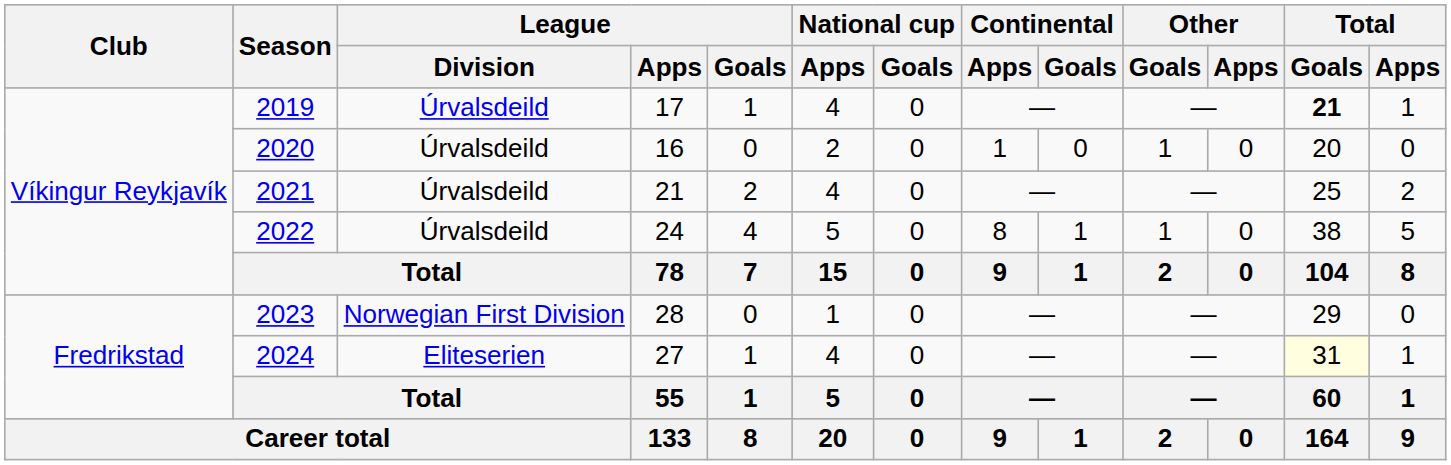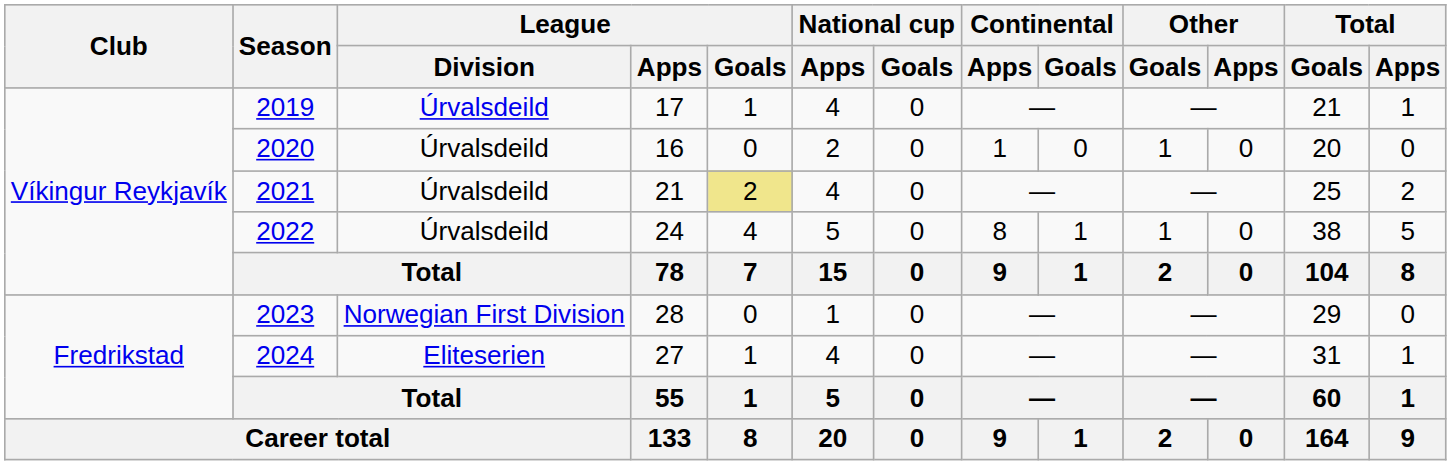 <table class="wikitable" style="text-align: center;">
 <tr>
 <th rowspan="2">Club</th>
 <th rowspan="2">Season</th>
 <th colspan="3">League</th>
 <th colspan="2">National cup</th>
 <th colspan="2">Continental</th>
 <th colspan="2">Other</th>
 <th colspan="2">Total</th>
 </tr>
 <tr>
 <th>Division</th>
 <th>Apps</th>
 <th>Goals</th>
 <th>Apps</th>
 <th>Goals</th>
 <th>Apps</th>
 <th>Goals</th>
 <th>Goals</th>
 <th>Apps</th>
 <th>Goals</th>
 <th>Apps</th>
 </tr>
 <tr>
 <td rowspan="5"><a href='#'>Víkingur Reykjavík</a></td>
 <td><a href='#'>2019</a></td>
 <td><a href='#'>Úrvalsdeild</a></td>
 <td>17</td>
 <td>1</td>
 <td>4</td>
 <td>0</td>
 <td colspan="2">—</td>
 <td colspan="2">—</td>
-<td><strong>21</strong></td>
+<td>21</td>
 <td>1</td>
 </tr>
 <tr>
 <td><a href='#'>2020</a></td>
 <td>Úrvalsdeild</td>
 <td>16</td>
 <td>0</td>
 <td>2</td>
 <td>0</td>
 <td>1</td>
 <td>0</td>
 <td>1</td>
 <td>0</td>
 <td>20</td>
 <td>0</td>
 </tr>
 <tr>
 <td><a href='#'>2021</a></td>
 <td>Úrvalsdeild</td>
 <td>21</td>
-<td>2</td>
+<td style="background: khaki;">2</td>
 <td>4</td>
 <td>0</td>
 <td colspan="2">—</td>
 <td colspan="2">—</td>
 <td>25</td>
 <td>2</td>
 </tr>
 <tr>
 <td><a href='#'>2022</a></td>
 <td>Úrvalsdeild</td>
 <td>24</td>
 <td>4</td>
 <td>5</td>
 <td>0</td>
 <td>8</td>
 <td>1</td>
 <td>1</td>
 <td>0</td>
 <td>38</td>
 <td>5</td>
 </tr>
 <tr>
 <th colspan="2">Total</th>
 <th>78</th>
 <th>7</th>
 <th>15</th>
 <th>0</th>
 <th>9</th>
 <th>1</th>
 <th>2</th>
 <th>0</th>
 <th>104</th>
 <th>8</th>
 </tr>
 <tr>
 <td rowspan="3"><a href='#'>Fredrikstad</a></td>
 <td><a href='#'>2023</a></td>
 <td><a href='#'>Norwegian First Division</a></td>
 <td>28</td>
 <td>0</td>
 <td>1</td>
 <td>0</td>
 <td colspan="2">—</td>
 <td colspan="2">—</td>
 <td>29</td>
 <td>0</td>
 </tr>
 <tr>
 <td><a href='#'>2024</a></td>
 <td><a href='#'>Eliteserien</a></td>
 <td>27</td>
 <td>1</td>
 <td>4</td>
 <td>0</td>
 <td colspan="2">—</td>
 <td colspan="2">—</td>
-<td style="background: lightyellow;">31</td>
+<td>31</td>
 <td>1</td>
 </tr>
 <tr>
 <th colspan="2">Total</th>
 <th>55</th>
 <th>1</th>
 <th>5</th>
 <th>0</th>
 <th colspan="2">—</th>
 <th colspan="2">—</th>
 <th>60</th>
 <th>1</th>
 </tr>
 <tr>
 <th colspan="3">Career total</th>
 <th>133</th>
 <th>8</th>
 <th>20</th>
 <th>0</th>
 <th>9</th>
 <th>1</th>
 <th>2</th>
 <th>0</th>
 <th>164</th>
 <th>9</th>
 </tr>
 </table>
